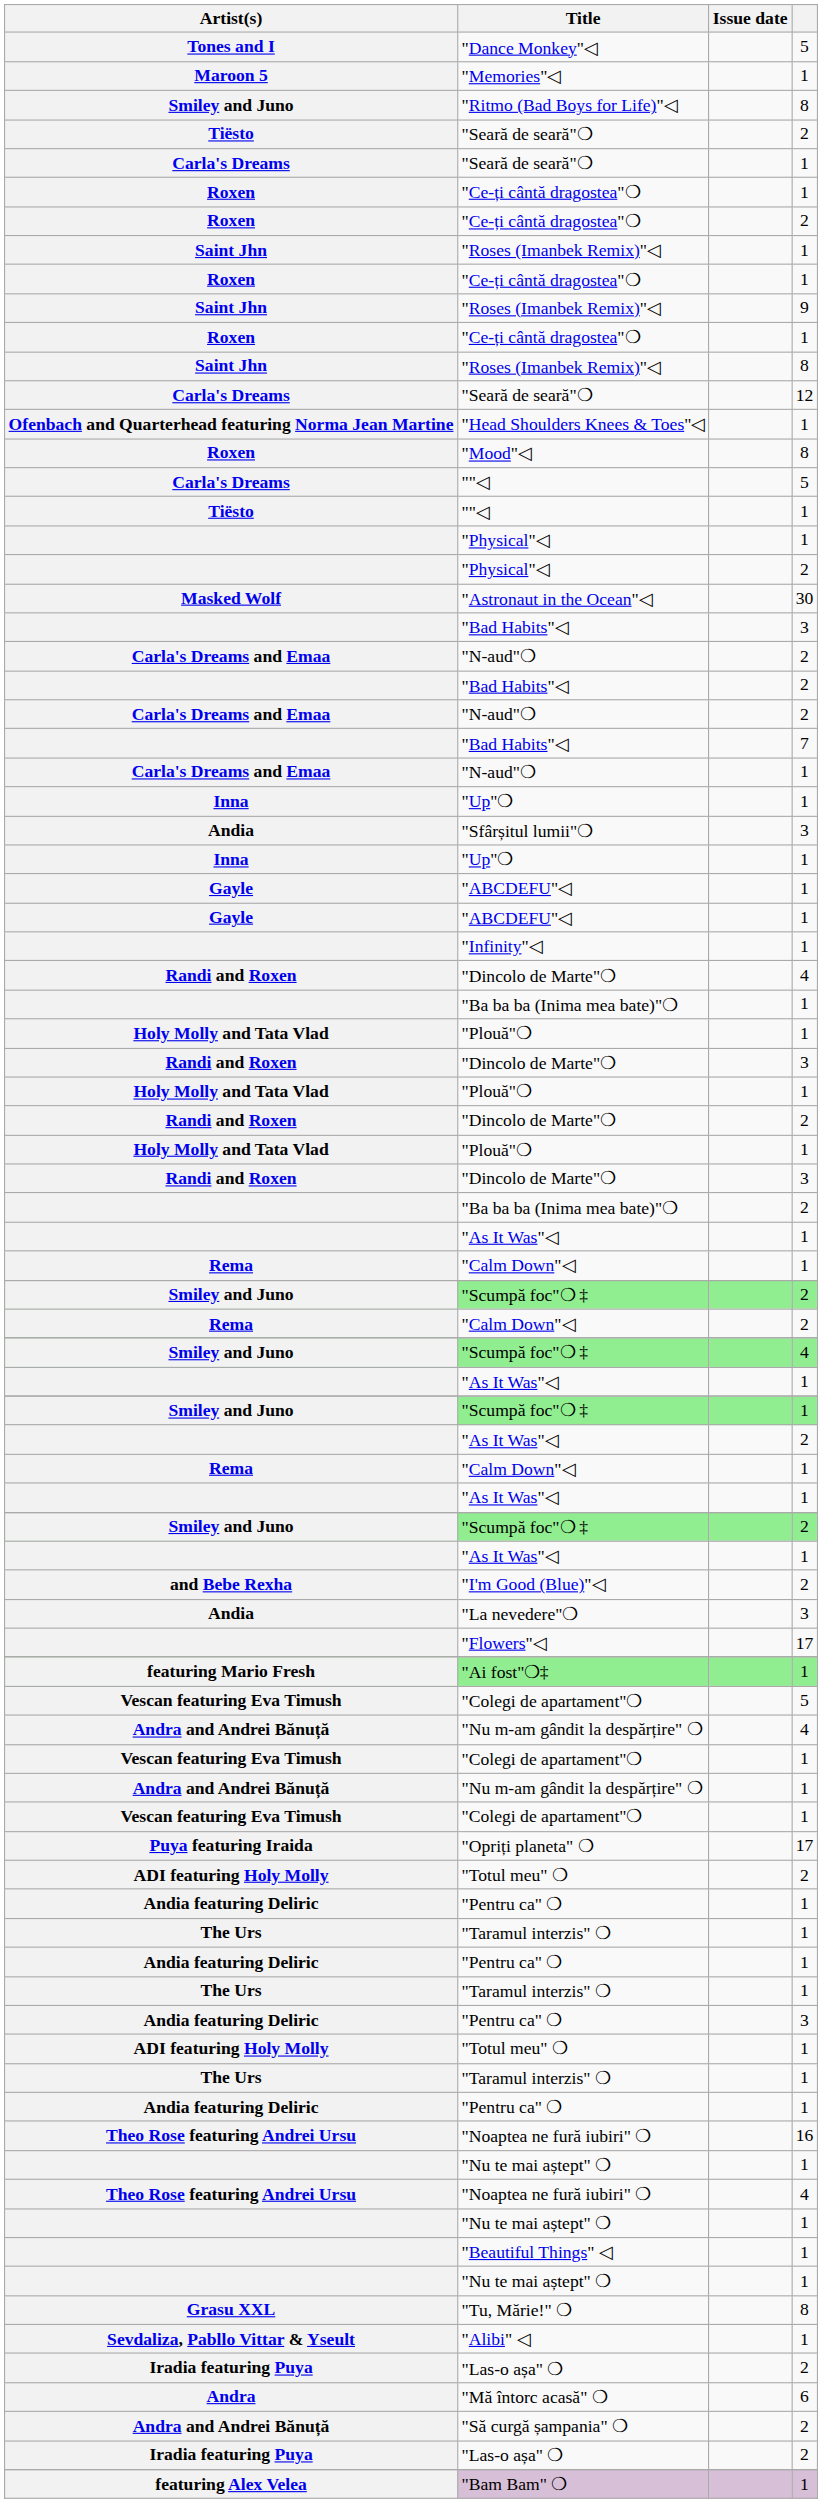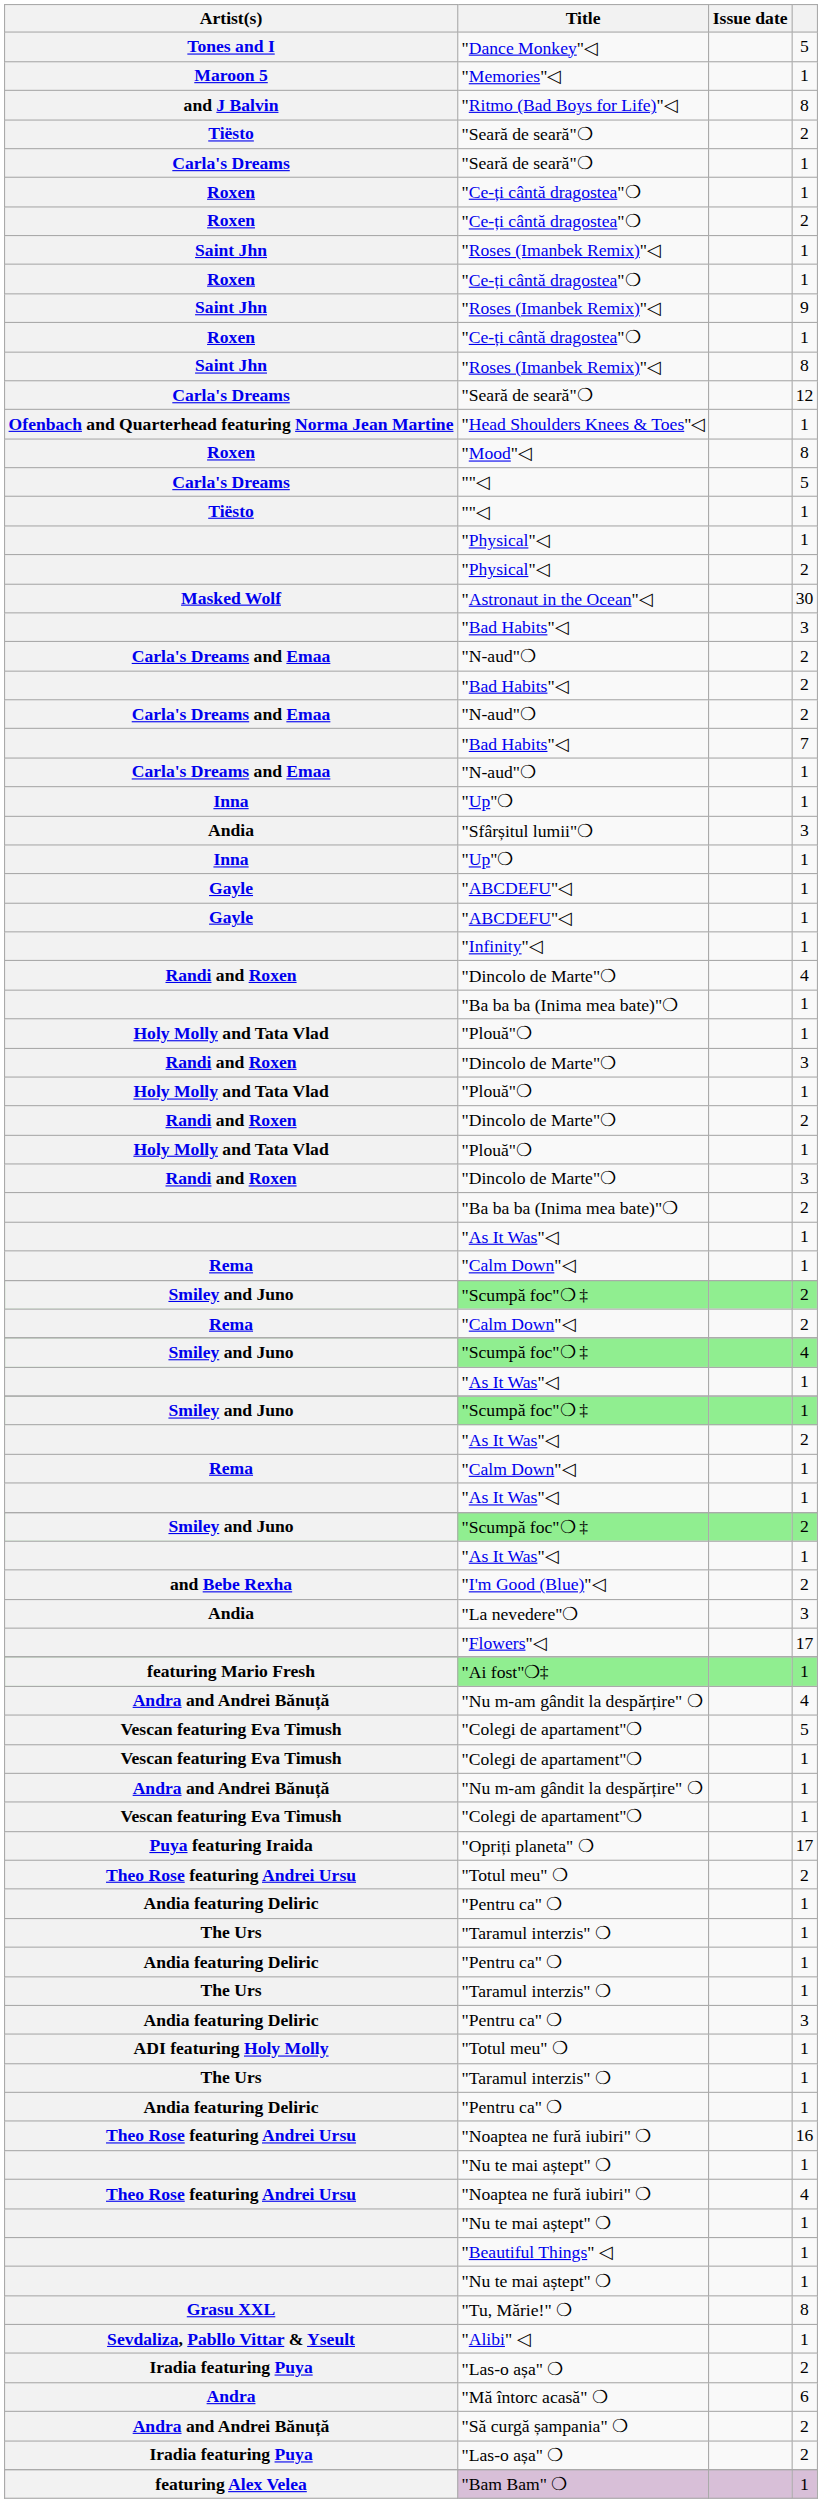 <table class="sortable wikitable sortable plainrowheaders">
 <tr>
 <th scope="col">Artist(s)</th>
 <th scope="col">Title</th>
 <th scope="col">Issue date</th>
 <th scope="col"></th>
 </tr>
 <tr>
 <th scope="row"><a href='#'>Tones and I</a></th>
 <td>"<a href='#'>Dance Monkey</a>"◁</td>
 <td></td>
 <td style="text-align:center;">5</td>
 </tr>
 <tr>
 <th scope="row"><a href='#'>Maroon 5</a></th>
 <td>"<a href='#'>Memories</a>"◁</td>
 <td></td>
 <td style="text-align:center;">1</td>
 </tr>
 <tr>
-<th scope="row"><a href='#'>Smiley</a> and Juno</th>
+<th scope="row"> and <a href='#'>J Balvin</a></th>
 <td>"<a href='#'>Ritmo (Bad Boys for Life)</a>"◁</td>
 <td></td>
 <td style="text-align:center;">8</td>
 </tr>
 <tr>
 <th scope="row"><a href='#'>Tiësto</a></th>
 <td>"Seară de seară"❍</td>
 <td></td>
 <td style="text-align:center;">2</td>
 </tr>
 <tr>
 <th scope="row"><a href='#'>Carla's Dreams</a></th>
 <td>"Seară de seară"❍</td>
 <td></td>
 <td style="text-align:center;">1</td>
 </tr>
 <tr>
 <th scope="row"><a href='#'>Roxen</a></th>
 <td>"<a href='#'>Ce-ți cântă dragostea</a>"❍</td>
 <td></td>
 <td style="text-align:center;">1</td>
 </tr>
 <tr>
 <th scope="row"><a href='#'>Roxen</a></th>
 <td>"<a href='#'>Ce-ți cântă dragostea</a>"❍</td>
 <td></td>
 <td style="text-align:center;">2</td>
 </tr>
 <tr>
 <th scope="row"><a href='#'>Saint Jhn</a></th>
 <td>"<a href='#'>Roses (Imanbek Remix)</a>"◁</td>
 <td></td>
 <td style="text-align:center;">1</td>
 </tr>
 <tr>
 <th scope="row"><a href='#'>Roxen</a></th>
 <td>"<a href='#'>Ce-ți cântă dragostea</a>"❍</td>
 <td></td>
 <td style="text-align:center;">1</td>
 </tr>
 <tr>
 <th scope="row"><a href='#'>Saint Jhn</a></th>
 <td>"<a href='#'>Roses (Imanbek Remix)</a>"◁</td>
 <td></td>
 <td style="text-align:center;">9</td>
 </tr>
 <tr>
 <th scope="row"><a href='#'>Roxen</a></th>
 <td>"<a href='#'>Ce-ți cântă dragostea</a>"❍</td>
 <td></td>
 <td style="text-align:center;">1</td>
 </tr>
 <tr>
 <th scope="row"><a href='#'>Saint Jhn</a></th>
 <td>"<a href='#'>Roses (Imanbek Remix)</a>"◁</td>
 <td></td>
 <td style="text-align:center;">8</td>
 </tr>
 <tr>
 <th scope="row"><a href='#'>Carla's Dreams</a></th>
 <td>"Seară de seară"❍</td>
 <td></td>
 <td style="text-align:center;">12</td>
 </tr>
 <tr>
 <th scope="row"><a href='#'>Ofenbach</a> and Quarterhead featuring <a href='#'>Norma Jean Martine</a></th>
 <td>"<a href='#'>Head Shoulders Knees & Toes</a>"◁</td>
 <td></td>
 <td style="text-align:center;">1</td>
 </tr>
 <tr>
 <th scope="row"><a href='#'>Roxen</a></th>
 <td>"<a href='#'>Mood</a>"◁</td>
 <td></td>
 <td style="text-align:center;">8</td>
 </tr>
 <tr>
 <th scope="row"><a href='#'>Carla's Dreams</a></th>
 <td>""◁</td>
 <td></td>
 <td style="text-align:center;">5</td>
 </tr>
 <tr>
 <th scope="row"><a href='#'>Tiësto</a></th>
 <td>""◁</td>
 <td></td>
 <td style="text-align:center;">1</td>
 </tr>
 <tr>
 <th scope="row"></th>
 <td>"<a href='#'>Physical</a>"◁</td>
 <td></td>
 <td style="text-align:center;">1</td>
 </tr>
 <tr>
 <th scope="row"></th>
 <td>"<a href='#'>Physical</a>"◁</td>
 <td></td>
 <td style="text-align:center;">2</td>
 </tr>
 <tr>
 <th scope="row"><a href='#'>Masked Wolf</a></th>
 <td>"<a href='#'>Astronaut in the Ocean</a>"◁</td>
 <td></td>
 <td style="text-align:center;">30</td>
 </tr>
 <tr>
 <th scope="row"></th>
 <td>"<a href='#'>Bad Habits</a>"◁</td>
 <td></td>
 <td style="text-align:center;">3</td>
 </tr>
 <tr>
 <th scope="row"><a href='#'>Carla's Dreams</a> and <a href='#'>Emaa</a></th>
 <td>"N-aud"❍</td>
 <td></td>
 <td style="text-align:center;">2</td>
 </tr>
 <tr>
 <th scope="row"></th>
 <td>"<a href='#'>Bad Habits</a>"◁</td>
 <td></td>
 <td style="text-align:center;">2</td>
 </tr>
 <tr>
 <th scope="row"><a href='#'>Carla's Dreams</a> and <a href='#'>Emaa</a></th>
 <td>"N-aud"❍</td>
 <td></td>
 <td style="text-align:center;">2</td>
 </tr>
 <tr>
 <th scope="row"></th>
 <td>"<a href='#'>Bad Habits</a>"◁</td>
 <td></td>
 <td style="text-align:center;">7</td>
 </tr>
 <tr>
 <th scope="row"><a href='#'>Carla's Dreams</a> and <a href='#'>Emaa</a></th>
 <td>"N-aud"❍</td>
 <td></td>
 <td style="text-align:center;">1</td>
 </tr>
 <tr>
 <th scope="row"><a href='#'>Inna</a></th>
 <td>"<a href='#'>Up</a>"❍</td>
 <td></td>
 <td style="text-align:center;">1</td>
 </tr>
 <tr>
 <th scope="row">Andia</th>
 <td>"Sfârșitul lumii"❍</td>
 <td></td>
 <td style="text-align:center;">3</td>
 </tr>
 <tr>
 <th scope="row"><a href='#'>Inna</a></th>
 <td>"<a href='#'>Up</a>"❍</td>
 <td></td>
 <td style="text-align:center;">1</td>
 </tr>
 <tr>
 <th scope="row"><a href='#'>Gayle</a></th>
 <td>"<a href='#'>ABCDEFU</a>"◁</td>
 <td></td>
 <td style="text-align:center;">1</td>
 </tr>
 <tr>
 <th scope="row"><a href='#'>Gayle</a></th>
 <td>"<a href='#'>ABCDEFU</a>"◁</td>
 <td></td>
 <td style="text-align:center;">1</td>
 </tr>
 <tr>
 <th scope="row"></th>
 <td>"<a href='#'>Infinity</a>"◁</td>
 <td></td>
 <td style="text-align:center;">1</td>
 </tr>
 <tr>
 <th scope="row"><a href='#'>Randi</a> and <a href='#'>Roxen</a></th>
 <td>"Dincolo de Marte"❍</td>
 <td></td>
 <td style="text-align:center;">4</td>
 </tr>
 <tr>
 <th scope="row"></th>
 <td>"Ba ba ba (Inima mea bate)"❍</td>
 <td></td>
 <td style="text-align:center;">1</td>
 </tr>
 <tr>
 <th scope="row"><a href='#'>Holy Molly</a> and Tata Vlad</th>
 <td>"Plouă"❍</td>
 <td></td>
 <td style="text-align:center;">1</td>
 </tr>
 <tr>
 <th scope="row"><a href='#'>Randi</a> and <a href='#'>Roxen</a></th>
 <td>"Dincolo de Marte"❍</td>
 <td></td>
 <td style="text-align:center;">3</td>
 </tr>
 <tr>
 <th scope="row"><a href='#'>Holy Molly</a> and Tata Vlad</th>
 <td>"Plouă"❍</td>
 <td></td>
 <td style="text-align:center;">1</td>
 </tr>
 <tr>
 <th scope="row"><a href='#'>Randi</a> and <a href='#'>Roxen</a></th>
 <td>"Dincolo de Marte"❍</td>
 <td></td>
 <td style="text-align:center;">2</td>
 </tr>
 <tr>
 <th scope="row"><a href='#'>Holy Molly</a> and Tata Vlad</th>
 <td>"Plouă"❍</td>
 <td></td>
 <td style="text-align:center;">1</td>
 </tr>
 <tr>
 <th scope="row"><a href='#'>Randi</a> and <a href='#'>Roxen</a></th>
 <td>"Dincolo de Marte"❍</td>
 <td></td>
 <td style="text-align:center;">3</td>
 </tr>
 <tr>
 <th scope="row"></th>
 <td>"Ba ba ba (Inima mea bate)"❍</td>
 <td></td>
 <td style="text-align:center;">2</td>
 </tr>
 <tr>
 <th scope="row"></th>
 <td>"<a href='#'>As It Was</a>"◁</td>
 <td></td>
 <td style="text-align:center;">1</td>
 </tr>
 <tr>
 <th scope="row"><a href='#'>Rema</a></th>
 <td>"<a href='#'>Calm Down</a>"◁</td>
 <td></td>
 <td style="text-align:center;">1</td>
 </tr>
 <tr>
 </tr>
 <tr style="background-color:lightgreen">
 <th scope="row"><a href='#'>Smiley</a> and Juno</th>
 <td>"Scumpă foc"❍ ‡</td>
 <td></td>
 <td style="text-align:center;">2</td>
 </tr>
 <tr>
 <th scope="row"><a href='#'>Rema</a></th>
 <td>"<a href='#'>Calm Down</a>"◁</td>
 <td></td>
 <td style="text-align:center;">2</td>
 </tr>
 <tr>
 </tr>
 <tr style="background-color:lightgreen">
 <th scope="row"><a href='#'>Smiley</a> and Juno</th>
 <td>"Scumpă foc"❍ ‡</td>
 <td></td>
 <td style="text-align:center;">4</td>
 </tr>
 <tr>
 <th scope="row"></th>
 <td>"<a href='#'>As It Was</a>"◁</td>
 <td></td>
 <td style="text-align:center;">1</td>
 </tr>
 <tr>
 </tr>
 <tr style="background-color:lightgreen">
 <th scope="row"><a href='#'>Smiley</a> and Juno</th>
 <td>"Scumpă foc"❍ ‡</td>
 <td></td>
 <td style="text-align:center;">1</td>
 </tr>
 <tr>
 <th scope="row"></th>
 <td>"<a href='#'>As It Was</a>"◁</td>
 <td></td>
 <td style="text-align:center;">2</td>
 </tr>
 <tr>
 <th scope="row"><a href='#'>Rema</a></th>
 <td>"<a href='#'>Calm Down</a>"◁</td>
 <td></td>
 <td style="text-align:center;">1</td>
 </tr>
 <tr>
 <th scope="row"></th>
 <td>"<a href='#'>As It Was</a>"◁</td>
 <td></td>
 <td style="text-align:center;">1</td>
 </tr>
 <tr>
 </tr>
 <tr style="background-color:lightgreen">
 <th scope="row"><a href='#'>Smiley</a> and Juno</th>
 <td>"Scumpă foc"❍ ‡</td>
 <td></td>
 <td style="text-align:center;">2</td>
 </tr>
 <tr>
 <th scope="row"></th>
 <td>"<a href='#'>As It Was</a>"◁</td>
 <td></td>
 <td style="text-align:center;">1</td>
 </tr>
 <tr>
 <th scope="row"> and <a href='#'>Bebe Rexha</a></th>
 <td>"<a href='#'>I'm Good (Blue)</a>"◁</td>
 <td></td>
 <td style="text-align:center;">2</td>
 </tr>
 <tr>
 <th scope="row">Andia</th>
 <td>"La nevedere"❍</td>
 <td></td>
 <td style="text-align:center;">3</td>
 </tr>
 <tr>
 <th scope="row"></th>
 <td>"<a href='#'>Flowers</a>"◁</td>
 <td></td>
 <td style="text-align:center;">17</td>
 </tr>
 <tr>
 </tr>
 <tr style="background-color:lightgreen">
 <th scope="row"> featuring Mario Fresh</th>
 <td>"Ai fost"❍‡</td>
 <td></td>
 <td style="text-align:center;">1</td>
 </tr>
 <tr>
+<th scope="row"><a href='#'>Andra</a> and Andrei Bănuță</th>
+<td>"Nu m-am gândit la despărțire" ❍</td>
+<td></td>
+<td style="text-align:center;">4</td>
+</tr>
+<tr>
 <th scope="row">Vescan featuring Eva Timush</th>
 <td>"Colegi de apartament"❍</td>
 <td></td>
 <td style="text-align:center;">5</td>
-</tr>
-<tr>
-<th scope="row"><a href='#'>Andra</a> and Andrei Bănuță</th>
-<td>"Nu m-am gândit la despărțire" ❍</td>
-<td></td>
-<td style="text-align:center;">4</td>
 </tr>
 <tr>
 <th scope="row">Vescan featuring Eva Timush</th>
 <td>"Colegi de apartament"❍</td>
 <td></td>
 <td style="text-align:center;">1</td>
 </tr>
 <tr>
 <th scope="row"><a href='#'>Andra</a> and Andrei Bănuță</th>
 <td>"Nu m-am gândit la despărțire" ❍</td>
 <td></td>
 <td style="text-align:center;">1</td>
 </tr>
 <tr>
 <th scope="row">Vescan featuring Eva Timush</th>
 <td>"Colegi de apartament"❍</td>
 <td></td>
 <td style="text-align:center;">1</td>
 </tr>
 <tr>
 <th scope="row"><a href='#'>Puya</a> featuring Iraida</th>
 <td>"Opriți planeta" ❍</td>
 <td></td>
 <td style="text-align:center;">17</td>
 </tr>
 <tr>
-<th scope="row">ADI featuring <a href='#'>Holy Molly</a></th>
+<th scope="row"><a href='#'>Theo Rose</a> featuring <a href='#'>Andrei Ursu</a></th>
 <td>"Totul meu" ❍</td>
 <td></td>
 <td style="text-align:center;">2</td>
 </tr>
 <tr>
 <th scope="row">Andia featuring Deliric</th>
 <td>"Pentru ca" ❍</td>
 <td></td>
 <td style="text-align:center;">1</td>
 </tr>
 <tr>
 <th scope="row">The Urs</th>
 <td>"Taramul interzis" ❍</td>
 <td></td>
 <td style="text-align:center;">1</td>
 </tr>
 <tr>
 <th scope="row">Andia featuring Deliric</th>
 <td>"Pentru ca" ❍</td>
 <td></td>
 <td style="text-align:center;">1</td>
 </tr>
 <tr>
 <th scope="row">The Urs</th>
 <td>"Taramul interzis" ❍</td>
 <td></td>
 <td style="text-align:center;">1</td>
 </tr>
 <tr>
 <th scope="row">Andia featuring Deliric</th>
 <td>"Pentru ca" ❍</td>
 <td></td>
 <td style="text-align:center;">3</td>
 </tr>
 <tr>
 <th scope="row">ADI featuring <a href='#'>Holy Molly</a></th>
 <td>"Totul meu" ❍</td>
 <td></td>
 <td style="text-align:center;">1</td>
 </tr>
 <tr>
 <th scope="row">The Urs</th>
 <td>"Taramul interzis" ❍</td>
 <td></td>
 <td style="text-align:center;">1</td>
 </tr>
 <tr>
 <th scope="row">Andia featuring Deliric</th>
 <td>"Pentru ca" ❍</td>
 <td></td>
 <td style="text-align:center;">1</td>
 </tr>
 <tr>
 <th scope="row"><a href='#'>Theo Rose</a> featuring <a href='#'>Andrei Ursu</a></th>
 <td>"Noaptea ne fură iubiri" ❍</td>
 <td></td>
 <td style="text-align:center;">16</td>
 </tr>
 <tr>
 <th scope="row"></th>
 <td>"Nu te mai aștept" ❍</td>
 <td></td>
 <td style="text-align:center;">1</td>
 </tr>
 <tr>
 <th scope="row"><a href='#'>Theo Rose</a> featuring <a href='#'>Andrei Ursu</a></th>
 <td>"Noaptea ne fură iubiri" ❍</td>
 <td></td>
 <td style="text-align:center;">4</td>
 </tr>
 <tr>
 <th scope="row"></th>
 <td>"Nu te mai aștept" ❍</td>
 <td></td>
 <td style="text-align:center;">1</td>
 </tr>
 <tr>
 <th scope="row"></th>
 <td>"<a href='#'>Beautiful Things</a>" ◁</td>
 <td></td>
 <td style="text-align:center;">1</td>
 </tr>
 <tr>
 <th scope="row"></th>
 <td>"Nu te mai aștept" ❍</td>
 <td></td>
 <td style="text-align:center;">1</td>
 </tr>
 <tr>
 <th scope="row"><a href='#'>Grasu XXL</a></th>
 <td>"Tu, Mărie!" ❍</td>
 <td></td>
 <td style="text-align:center;">8</td>
 </tr>
 <tr>
 <th scope="row"><a href='#'>Sevdaliza</a>, <a href='#'>Pabllo Vittar</a> & <a href='#'>Yseult</a></th>
 <td>"<a href='#'>Alibi</a>" ◁</td>
 <td></td>
 <td style="text-align:center;">1</td>
 </tr>
 <tr>
 <th scope="row">Iradia featuring <a href='#'>Puya</a></th>
 <td>"Las-o așa" ❍</td>
 <td></td>
 <td style="text-align:center;">2</td>
 </tr>
 <tr>
 <th scope="row"><a href='#'>Andra</a></th>
 <td>"Mă întorc acasă" ❍</td>
 <td></td>
 <td style="text-align:center;">6</td>
 </tr>
 <tr>
 <th scope="row"><a href='#'>Andra</a> and Andrei Bănuță</th>
 <td>"Să curgă șampania" ❍</td>
 <td></td>
 <td style="text-align:center;">2</td>
 </tr>
 <tr>
 <th scope="row">Iradia featuring <a href='#'>Puya</a></th>
 <td>"Las-o așa" ❍</td>
 <td></td>
 <td style="text-align:center;">2</td>
 </tr>
 <tr>
 </tr>
 <tr style="background-color:#D8BFD8">
 <th scope="row"> featuring <a href='#'>Alex Velea</a></th>
 <td>"Bam Bam" ❍</td>
 <td></td>
 <td style="text-align:center;">1</td>
 </tr>
 </table>
